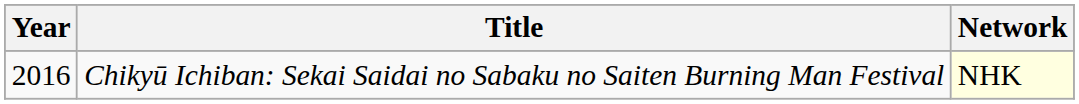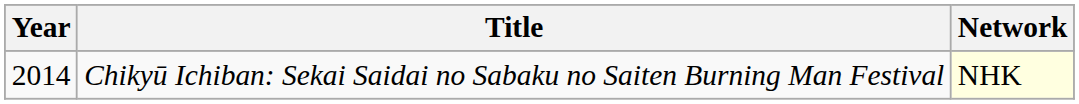 <table class="wikitable">
 <tr>
 <th>Year</th>
 <th>Title</th>
 <th>Network</th>
 </tr>
 <tr>
-<td>2016</td>
+<td>2014</td>
 <td><em>Chikyū Ichiban: Sekai Saidai no Sabaku no Saiten Burning Man Festival</em></td>
 <td style="background: lightyellow;">NHK</td>
 </tr>
 </table>
